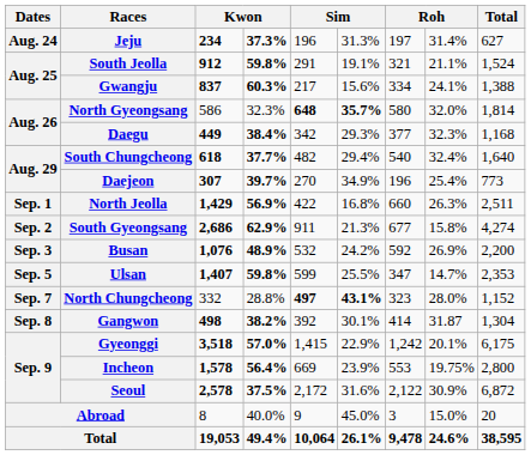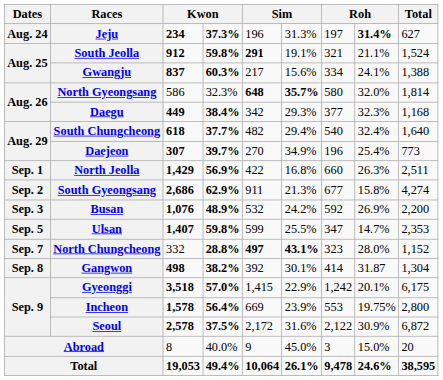 <table class=wikitable>
 <tr>
 <th>Dates</th>
 <th>Races</th>
 <th colspan="2">Kwon</th>
 <th colspan="2">Sim</th>
 <th colspan="2">Roh</th>
 <th>Total</th>
 </tr>
 <tr>
 <th>Aug. 24</th>
 <th><a href='#'>Jeju</a></th>
 <td><strong>234</strong></td>
 <td><strong>37.3%</strong></td>
 <td>196</td>
 <td>31.3%</td>
 <td>197</td>
-<td>31.4%</td>
+<td><strong>31.4%</strong></td>
 <td>627</td>
 </tr>
 <tr>
 <th rowspan="2">Aug. 25</th>
 <th><a href='#'>South Jeolla</a></th>
 <td><strong>912</strong></td>
 <td><strong>59.8%</strong></td>
-<td>291</td>
+<td><strong>291</strong></td>
 <td>19.1%</td>
 <td>321</td>
 <td>21.1%</td>
 <td>1,524</td>
 </tr>
 <tr>
 <th><a href='#'>Gwangju</a></th>
 <td><strong>837</strong></td>
 <td><strong>60.3%</strong></td>
 <td>217</td>
 <td>15.6%</td>
 <td>334</td>
 <td>24.1%</td>
 <td>1,388</td>
 </tr>
 <tr>
 <th rowspan="2">Aug. 26</th>
 <th><a href='#'>North Gyeongsang</a></th>
 <td>586</td>
 <td>32.3%</td>
 <td><strong>648</strong></td>
 <td><strong>35.7%</strong></td>
 <td>580</td>
 <td>32.0%</td>
 <td>1,814</td>
 </tr>
 <tr>
 <th><a href='#'>Daegu</a></th>
 <td><strong>449</strong></td>
 <td><strong>38.4%</strong></td>
 <td>342</td>
 <td>29.3%</td>
 <td>377</td>
 <td>32.3%</td>
 <td>1,168</td>
 </tr>
 <tr>
 <th rowspan="2">Aug. 29</th>
 <th><a href='#'>South Chungcheong</a></th>
 <td><strong>618</strong></td>
 <td><strong>37.7%</strong></td>
 <td>482</td>
 <td>29.4%</td>
 <td>540</td>
 <td>32.4%</td>
 <td>1,640</td>
 </tr>
 <tr>
 <th><a href='#'>Daejeon</a></th>
 <td><strong>307</strong></td>
 <td><strong>39.7%</strong></td>
 <td>270</td>
 <td>34.9%</td>
 <td>196</td>
 <td>25.4%</td>
 <td>773</td>
 </tr>
 <tr>
 <th>Sep. 1</th>
 <th><a href='#'>North Jeolla</a></th>
 <td><strong>1,429</strong></td>
 <td><strong>56.9%</strong></td>
 <td>422</td>
 <td>16.8%</td>
 <td>660</td>
 <td>26.3%</td>
 <td>2,511</td>
 </tr>
 <tr>
 <th>Sep. 2</th>
 <th><a href='#'>South Gyeongsang</a></th>
 <td><strong>2,686</strong></td>
 <td><strong>62.9%</strong></td>
 <td>911</td>
 <td>21.3%</td>
 <td>677</td>
 <td>15.8%</td>
 <td>4,274</td>
 </tr>
 <tr>
 <th>Sep. 3</th>
 <th><a href='#'>Busan</a></th>
 <td><strong>1,076</strong></td>
 <td><strong>48.9%</strong></td>
 <td>532</td>
 <td>24.2%</td>
 <td>592</td>
 <td>26.9%</td>
 <td>2,200</td>
 </tr>
 <tr>
 <th>Sep. 5</th>
 <th><a href='#'>Ulsan</a></th>
 <td><strong>1,407</strong></td>
 <td><strong>59.8%</strong></td>
 <td>599</td>
 <td>25.5%</td>
 <td>347</td>
 <td>14.7%</td>
 <td>2,353</td>
 </tr>
 <tr>
 <th>Sep. 7</th>
 <th><a href='#'>North Chungcheong</a></th>
 <td>332</td>
-<td>28.8%</td>
+<td><strong>28.8%</strong></td>
 <td><strong>497</strong></td>
 <td><strong>43.1%</strong></td>
 <td>323</td>
 <td>28.0%</td>
 <td>1,152</td>
 </tr>
 <tr>
 <th>Sep. 8</th>
 <th><a href='#'>Gangwon</a></th>
 <td><strong>498</strong></td>
 <td><strong>38.2%</strong></td>
 <td>392</td>
 <td>30.1%</td>
 <td>414</td>
 <td>31.87</td>
 <td>1,304</td>
 </tr>
 <tr>
 <th rowspan="3">Sep. 9</th>
 <th><a href='#'>Gyeonggi</a></th>
 <td><strong>3,518</strong></td>
 <td><strong>57.0%</strong></td>
 <td>1,415</td>
 <td>22.9%</td>
 <td>1,242</td>
 <td>20.1%</td>
 <td>6,175</td>
 </tr>
 <tr>
 <th><a href='#'>Incheon</a></th>
 <td><strong>1,578</strong></td>
 <td><strong>56.4%</strong></td>
 <td>669</td>
 <td>23.9%</td>
 <td>553</td>
 <td>19.75%</td>
 <td>2,800</td>
 </tr>
 <tr>
 <th><a href='#'>Seoul</a></th>
 <td><strong>2,578</strong></td>
 <td><strong>37.5%</strong></td>
 <td>2,172</td>
 <td>31.6%</td>
 <td>2,122</td>
 <td>30.9%</td>
 <td>6,872</td>
 </tr>
 <tr>
 <th colspan="2"><a href='#'>Abroad</a></th>
 <td>8</td>
 <td>40.0%</td>
 <td>9</td>
 <td>45.0%</td>
 <td>3</td>
 <td>15.0%</td>
 <td>20</td>
 </tr>
 <tr>
 <th colspan="2">Total</th>
 <td><strong>19,053</strong></td>
 <td><strong>49.4%</strong></td>
 <td><strong>10,064</strong></td>
 <td><strong>26.1%</strong></td>
 <td><strong>9,478</strong></td>
 <td><strong>24.6%</strong></td>
 <td><strong>38,595</strong></td>
 </tr>
 </table>
